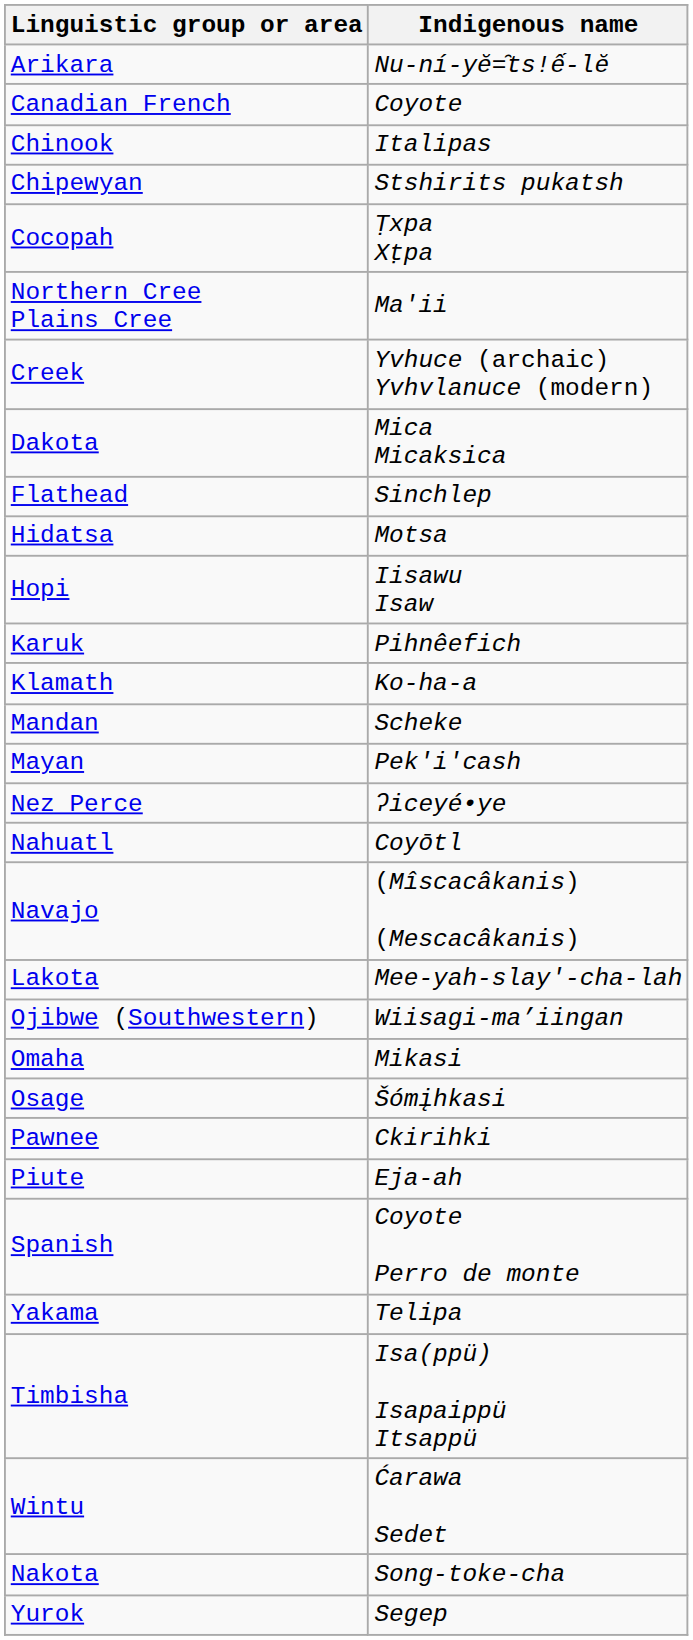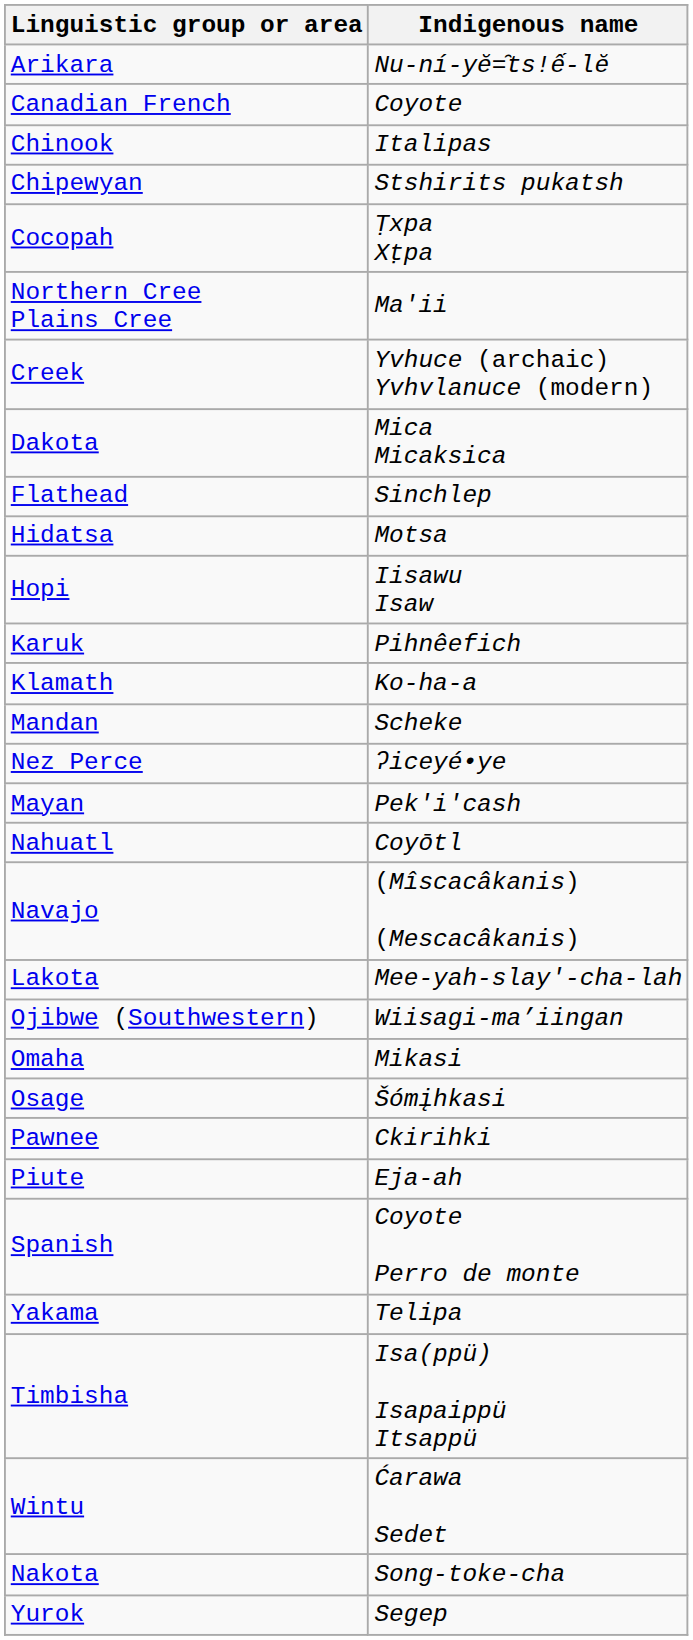 <table class="wikitable sortable mw-collapsible mw-collapsed">
 <tr>
 <th>Linguistic group or area</th>
 <th>Indigenous name</th>
 </tr>
 <tr>
 <td><a href='#'>Arikara</a></td>
 <td><em>Nu-ní-yĕ=̑ts!ế-lĕ</em></td>
 </tr>
 <tr>
 <td><a href='#'>Canadian French</a></td>
 <td><em>Coyote</em></td>
 </tr>
 <tr>
 <td><a href='#'>Chinook</a></td>
 <td><em>Italipas</em></td>
 </tr>
 <tr>
 <td><a href='#'>Chipewyan</a></td>
 <td><em>Stshirits pukatsh</em></td>
 </tr>
 <tr>
 <td><a href='#'>Cocopah</a></td>
 <td><em>Ṭxpa</em><br><em>Xṭpa</em></td>
 </tr>
 <tr>
 <td><a href='#'>Northern Cree</a><br><a href='#'>Plains Cree</a></td>
 <td><em>Ma'ii</em></td>
 </tr>
 <tr>
 <td><a href='#'>Creek</a></td>
 <td><em>Yvhuce</em> (archaic)<br><em>Yvhvlanuce</em> (modern)</td>
 </tr>
 <tr>
 <td><a href='#'>Dakota</a></td>
 <td><em>Mica</em><br><em>Micaksica</em></td>
 </tr>
 <tr>
 <td><a href='#'>Flathead</a></td>
 <td><em>Sinchlep</em></td>
 </tr>
 <tr>
 <td><a href='#'>Hidatsa</a></td>
 <td><em>Motsa</em></td>
 </tr>
 <tr>
 <td><a href='#'>Hopi</a></td>
 <td><em>Iisawu</em><br><em>Isaw</em></td>
 </tr>
 <tr>
 <td><a href='#'>Karuk</a></td>
 <td><em>Pihnêefich</em></td>
 </tr>
 <tr>
 <td><a href='#'>Klamath</a></td>
 <td><em>Ko-ha-a</em></td>
 </tr>
 <tr>
 <td><a href='#'>Mandan</a></td>
 <td><em>Scheke</em></td>
 </tr>
 <tr>
+<td><a href='#'>Nez Perce</a></td>
+<td><em>ʔiceyé•ye</em></td>
+</tr>
+<tr>
 <td><a href='#'>Mayan</a></td>
 <td><em>Pek'i'cash</em></td>
-</tr>
-<tr>
-<td><a href='#'>Nez Perce</a></td>
-<td><em>ʔiceyé•ye</em></td>
 </tr>
 <tr>
 <td><a href='#'>Nahuatl</a></td>
 <td><em>Coyōtl</em></td>
 </tr>
 <tr>
 <td><a href='#'>Navajo</a></td>
 <td> (<em>Mîscacâkanis</em>)<br><br> (<em>Mescacâkanis</em>)</td>
 </tr>
 <tr>
 <td><a href='#'>Lakota</a></td>
 <td><em>Mee-yah-slay'-cha-lah</em></td>
 </tr>
 <tr>
 <td><a href='#'>Ojibwe</a> (<a href='#'>Southwestern</a>)</td>
 <td><em>Wiisagi-ma’iingan</em></td>
 </tr>
 <tr>
 <td><a href='#'>Omaha</a></td>
 <td><em>Mikasi</em></td>
 </tr>
 <tr>
 <td><a href='#'>Osage</a></td>
 <td> <em>Šómįhkasi</em></td>
 </tr>
 <tr>
 <td><a href='#'>Pawnee</a></td>
 <td><em>Ckirihki</em></td>
 </tr>
 <tr>
 <td><a href='#'>Piute</a></td>
 <td><em>Eja-ah</em></td>
 </tr>
 <tr>
 <td><a href='#'>Spanish</a></td>
 <td><em>Coyote</em><br><br><em>Perro de monte</em></td>
 </tr>
 <tr>
 <td><a href='#'>Yakama</a></td>
 <td><em>Telipa</em></td>
 </tr>
 <tr>
 <td><a href='#'>Timbisha</a></td>
 <td><em>Isa(ppü)</em><br><br><em>Isapaippü</em><br> <em>Itsappü</em></td>
 </tr>
 <tr>
 <td><a href='#'>Wintu</a></td>
 <td><em>Ćarawa</em><br><br><em>Sedet</em></td>
 </tr>
 <tr>
 <td><a href='#'>Nakota</a></td>
 <td><em>Song-toke-cha</em></td>
 </tr>
 <tr>
 <td><a href='#'>Yurok</a></td>
 <td><em>Segep</em></td>
 </tr>
 </table>
